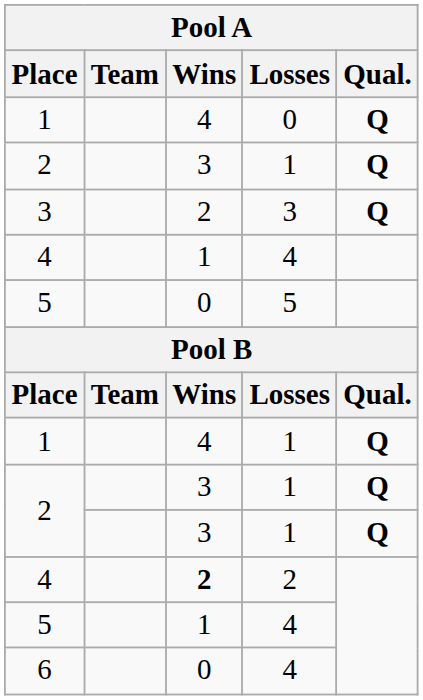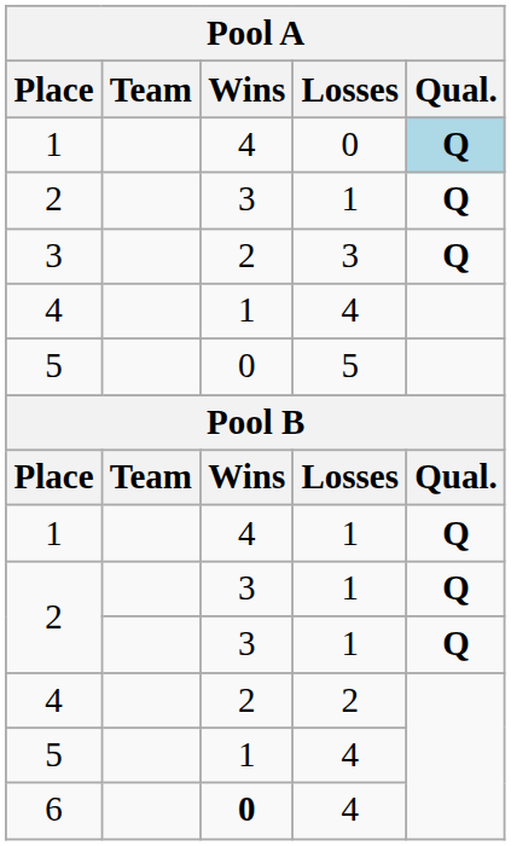 <table class=wikitable style="text-align:center">
 <tr>
 <th colspan=5>Pool A</th>
 </tr>
 <tr>
 <th>Place</th>
 <th>Team</th>
 <th>Wins</th>
 <th>Losses</th>
 <th>Qual.</th>
 </tr>
 <tr>
 <td>1</td>
 <td align=left></td>
 <td>4</td>
 <td>0</td>
-<td><strong>Q</strong></td>
+<td style="background: lightblue;"><strong>Q</strong></td>
 </tr>
 <tr>
 <td>2</td>
 <td align=left></td>
 <td>3</td>
 <td>1</td>
 <td><strong>Q</strong></td>
 </tr>
 <tr>
 <td>3</td>
 <td align=left></td>
 <td>2</td>
 <td>3</td>
 <td><strong>Q</strong></td>
 </tr>
 <tr>
 <td>4</td>
 <td align=left></td>
 <td>1</td>
 <td>4</td>
 <td></td>
 </tr>
 <tr>
 <td>5</td>
 <td align=left></td>
 <td>0</td>
 <td>5</td>
 <td></td>
 </tr>
 <tr>
 <th colspan=5>Pool B</th>
 </tr>
 <tr>
 <th>Place</th>
 <th>Team</th>
 <th>Wins</th>
 <th>Losses</th>
 <th>Qual.</th>
 </tr>
 <tr>
 <td>1</td>
 <td align=left></td>
 <td>4</td>
 <td>1</td>
 <td><strong>Q</strong></td>
 </tr>
 <tr>
 <td rowspan=2>2</td>
 <td align=left></td>
 <td>3</td>
 <td>1</td>
 <td><strong>Q</strong></td>
 </tr>
 <tr>
 <td align=left></td>
 <td>3</td>
 <td>1</td>
 <td><strong>Q</strong></td>
 </tr>
 <tr>
 <td>4</td>
 <td align=left></td>
-<td><strong>2</strong></td>
+<td>2</td>
 <td>2</td>
 </tr>
 <tr>
 <td>5</td>
 <td align=left></td>
 <td>1</td>
 <td>4</td>
 </tr>
 <tr>
 <td>6</td>
 <td align=left></td>
-<td>0</td>
+<td><strong>0</strong></td>
 <td>4</td>
 </tr>
 </table>
